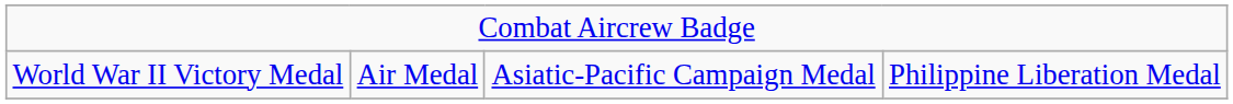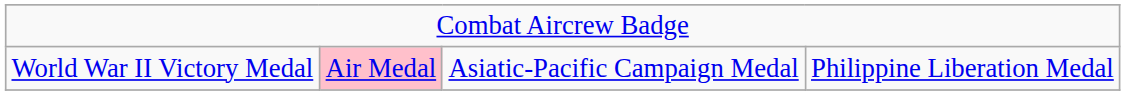 <table class="wikitable" style="margin:1em auto; text-align:center;">
 <tr>
 <td align="center" colspan="4"><a href='#'>Combat Aircrew Badge</a></td>
 </tr>
 <tr>
 <td><a href='#'>World War II Victory Medal</a></td>
-<td><a href='#'>Air Medal</a></td>
+<td style="background: pink;"><a href='#'>Air Medal</a></td>
 <td><a href='#'>Asiatic-Pacific Campaign Medal</a></td>
 <td><a href='#'>Philippine Liberation Medal</a></td>
 </tr>
 </table>
